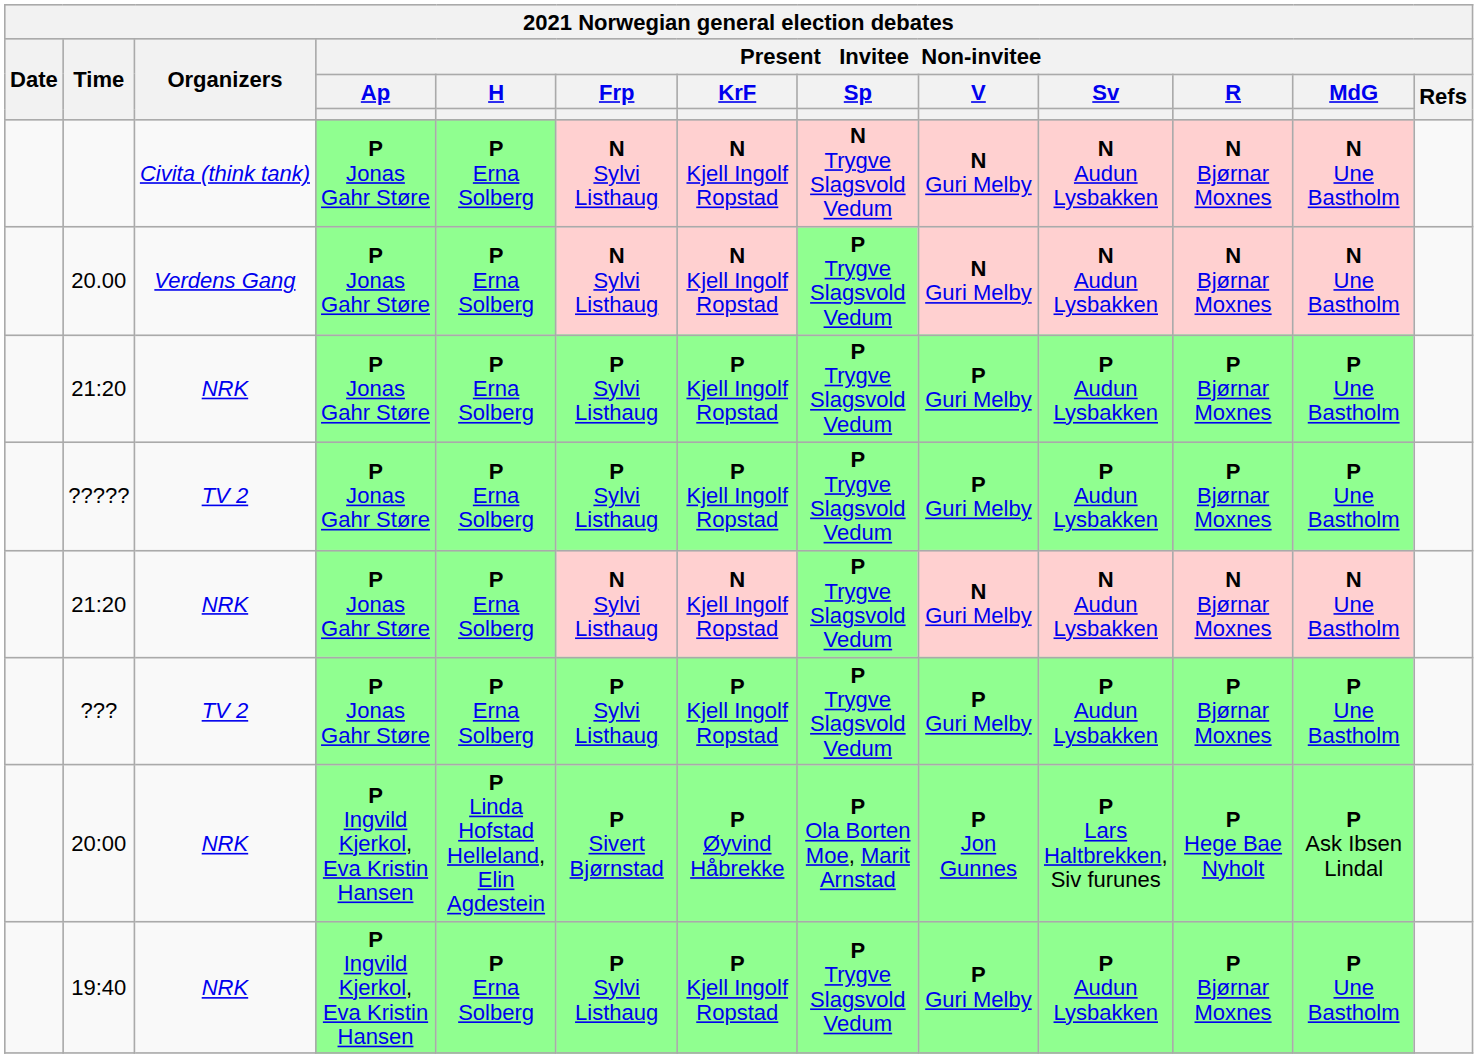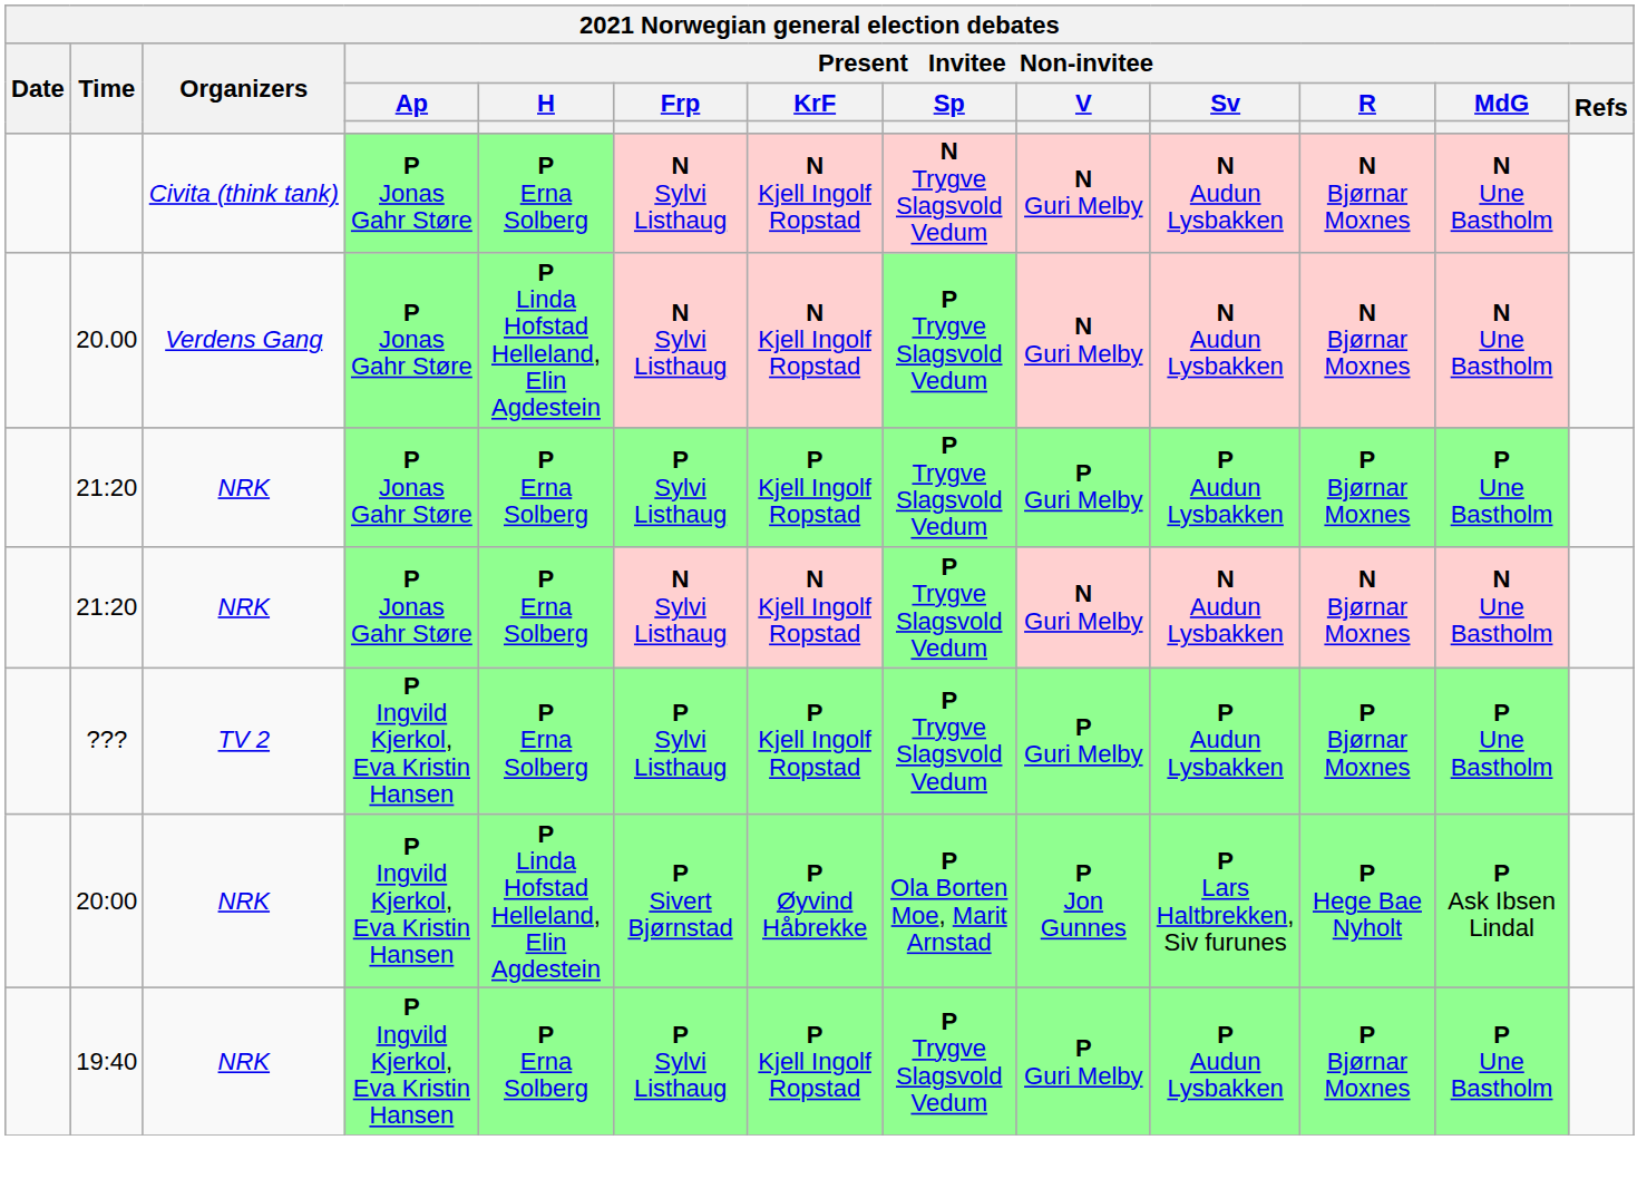 <table class="wikitable" style="font-size:85%; line-height:15px; text-align:center;">
 <tr>
 <th colspan="13">2021 Norwegian general election debates</th>
 </tr>
 <tr>
 <th rowspan="3">Date</th>
 <th rowspan="3">Time</th>
 <th rowspan="3">Organizers</th>
 <th colspan="10"> Present    Invitee  Non-invitee </th>
 </tr>
 <tr>
 <th scope="col" style="width:5em;"><a href='#'>Ap</a></th>
 <th scope="col" style="width:5em;"><a href='#'>H</a></th>
 <th scope="col" style="width:5em;"><a href='#'>Frp</a></th>
 <th scope="col" style="width:5em;"><a href='#'>KrF</a></th>
 <th scope="col" style="width:5em;"><a href='#'>Sp</a></th>
 <th scope="col" style="width:5em;"><a href='#'>V</a></th>
 <th scope="col" style="width:5em;"><a href='#'>Sv</a></th>
 <th scope="col" style="width:5em;"><a href='#'>R</a></th>
 <th scope="col" style="width:5em;"><a href='#'>MdG</a></th>
 <th rowspan="2">Refs</th>
 </tr>
 <tr>
 <th style="background:"></th>
 <th style="background:"></th>
 <th style="background:"></th>
 <th style="background:"></th>
 <th style="background:"></th>
 <th style="background:"></th>
 <th style="background:"></th>
 <th style="background:"></th>
 <th style="background:"></th>
 </tr>
 <tr>
 <td></td>
 <td></td>
 <td><em><a href='#'>Civita (think tank)</a></em></td>
 <td style="background:#90FF90"><strong>P</strong><br><a href='#'>Jonas Gahr Støre</a></td>
 <td style="background:#90FF90"><strong>P</strong><br><a href='#'>Erna Solberg</a></td>
 <td style="background:#FFD0D0"><strong>N</strong><br><a href='#'>Sylvi Listhaug</a></td>
 <td style="background:#FFD0D0"><strong>N</strong><br><a href='#'>Kjell Ingolf Ropstad</a></td>
 <td style="background:#FFD0D0"><strong>N</strong><br><a href='#'>Trygve Slagsvold Vedum</a></td>
 <td style="background:#FFD0D0"><strong>N</strong><br><a href='#'>Guri Melby</a></td>
 <td style="background:#FFD0D0"><strong>N</strong><br><a href='#'>Audun Lysbakken</a></td>
 <td style="background:#FFD0D0"><strong>N</strong><br><a href='#'>Bjørnar Moxnes</a></td>
 <td style="background:#FFD0D0"><strong>N</strong><br><a href='#'>Une Bastholm</a></td>
 <td></td>
 </tr>
 <tr>
 <td></td>
 <td>20.00</td>
 <td><em><a href='#'>Verdens Gang</a></em></td>
 <td style="background:#90FF90"><strong>P</strong><br><a href='#'>Jonas Gahr Støre</a></td>
-<td style="background:#90FF90"><strong>P</strong><br><a href='#'>Erna Solberg</a></td>
+<td style="background:#90FF90"><strong>P</strong><br><a href='#'>Linda Hofstad Helleland</a>, <a href='#'>Elin Agdestein</a></td>
 <td style="background:#FFD0D0"><strong>N</strong><br><a href='#'>Sylvi Listhaug</a></td>
 <td style="background:#FFD0D0"><strong>N</strong><br><a href='#'>Kjell Ingolf Ropstad</a></td>
 <td style="background:#90FF90"><strong>P</strong><br><a href='#'>Trygve Slagsvold Vedum</a></td>
 <td style="background:#FFD0D0"><strong>N</strong><br><a href='#'>Guri Melby</a></td>
 <td style="background:#FFD0D0"><strong>N</strong><br><a href='#'>Audun Lysbakken</a></td>
 <td style="background:#FFD0D0"><strong>N</strong><br><a href='#'>Bjørnar Moxnes</a></td>
 <td style="background:#FFD0D0"><strong>N</strong><br><a href='#'>Une Bastholm</a></td>
 <td></td>
 </tr>
 <tr>
 <td></td>
 <td>21:20</td>
 <td><em><a href='#'>NRK</a></em></td>
-<td style="background:#90FF90"><strong>P</strong><br><a href='#'>Jonas Gahr Støre</a></td>
-<td style="background:#90FF90"><strong>P</strong><br><a href='#'>Erna Solberg</a></td>
-<td style="background:#90FF90"><strong>P</strong><br><a href='#'>Sylvi Listhaug</a></td>
-<td style="background:#90FF90"><strong>P</strong><br><a href='#'>Kjell Ingolf Ropstad</a></td>
-<td style="background:#90FF90"><strong>P</strong><br><a href='#'>Trygve Slagsvold Vedum</a></td>
-<td style="background:#90FF90"><strong>P</strong><br><a href='#'>Guri Melby</a></td>
-<td style="background:#90FF90"><strong>P</strong><br><a href='#'>Audun Lysbakken</a></td>
-<td style="background:#90FF90"><strong>P</strong><br><a href='#'>Bjørnar Moxnes</a></td>
-<td style="background:#90FF90"><strong>P</strong><br><a href='#'>Une Bastholm</a></td>
-<td></td>
-</tr>
-<tr>
-<td></td>
-<td>?????</td>
-<td><em><a href='#'>TV 2</a></em></td>
 <td style="background:#90FF90"><strong>P</strong><br><a href='#'>Jonas Gahr Støre</a></td>
 <td style="background:#90FF90"><strong>P</strong><br><a href='#'>Erna Solberg</a></td>
 <td style="background:#90FF90"><strong>P</strong><br><a href='#'>Sylvi Listhaug</a></td>
 <td style="background:#90FF90"><strong>P</strong><br><a href='#'>Kjell Ingolf Ropstad</a></td>
 <td style="background:#90FF90"><strong>P</strong><br><a href='#'>Trygve Slagsvold Vedum</a></td>
 <td style="background:#90FF90"><strong>P</strong><br><a href='#'>Guri Melby</a></td>
 <td style="background:#90FF90"><strong>P</strong><br><a href='#'>Audun Lysbakken</a></td>
 <td style="background:#90FF90"><strong>P</strong><br><a href='#'>Bjørnar Moxnes</a></td>
 <td style="background:#90FF90"><strong>P</strong><br><a href='#'>Une Bastholm</a></td>
 <td></td>
 </tr>
 <tr>
 <td></td>
 <td>21:20</td>
 <td><em><a href='#'>NRK</a></em></td>
 <td style="background:#90FF90"><strong>P</strong><br><a href='#'>Jonas Gahr Støre</a></td>
 <td style="background:#90FF90"><strong>P</strong><br><a href='#'>Erna Solberg</a></td>
 <td style="background:#FFD0D0"><strong>N</strong><br><a href='#'>Sylvi Listhaug</a></td>
 <td style="background:#FFD0D0"><strong>N</strong><br><a href='#'>Kjell Ingolf Ropstad</a></td>
 <td style="background:#90FF90"><strong>P</strong><br><a href='#'>Trygve Slagsvold Vedum</a></td>
 <td style="background:#FFD0D0"><strong>N</strong><br><a href='#'>Guri Melby</a></td>
 <td style="background:#FFD0D0"><strong>N</strong><br><a href='#'>Audun Lysbakken</a></td>
 <td style="background:#FFD0D0"><strong>N</strong><br><a href='#'>Bjørnar Moxnes</a></td>
 <td style="background:#FFD0D0"><strong>N</strong><br><a href='#'>Une Bastholm</a></td>
 <td></td>
 </tr>
 <tr>
 <td></td>
 <td>???</td>
 <td><em><a href='#'>TV 2</a></em></td>
-<td style="background:#90FF90"><strong>P</strong><br><a href='#'>Jonas Gahr Støre</a></td>
+<td style="background:#90FF90"><strong>P</strong><br><a href='#'>Ingvild Kjerkol</a>, <a href='#'>Eva Kristin Hansen</a></td>
 <td style="background:#90FF90"><strong>P</strong><br><a href='#'>Erna Solberg</a></td>
 <td style="background:#90FF90"><strong>P</strong><br><a href='#'>Sylvi Listhaug</a></td>
 <td style="background:#90FF90"><strong>P</strong><br><a href='#'>Kjell Ingolf Ropstad</a></td>
 <td style="background:#90FF90"><strong>P</strong><br><a href='#'>Trygve Slagsvold Vedum</a></td>
 <td style="background:#90FF90"><strong>P</strong><br><a href='#'>Guri Melby</a></td>
 <td style="background:#90FF90"><strong>P</strong><br><a href='#'>Audun Lysbakken</a></td>
 <td style="background:#90FF90"><strong>P</strong><br><a href='#'>Bjørnar Moxnes</a></td>
 <td style="background:#90FF90"><strong>P</strong><br><a href='#'>Une Bastholm</a></td>
 <td></td>
 </tr>
 <tr>
 <td></td>
 <td>20:00</td>
 <td><em><a href='#'>NRK</a></em></td>
 <td style="background:#90FF90"><strong>P</strong><br><a href='#'>Ingvild Kjerkol</a>, <a href='#'>Eva Kristin Hansen</a></td>
 <td style="background:#90FF90"><strong>P</strong><br><a href='#'>Linda Hofstad Helleland</a>, <a href='#'>Elin Agdestein</a></td>
 <td style="background:#90FF90"><strong>P</strong><br><a href='#'>Sivert Bjørnstad</a></td>
 <td style="background:#90FF90"><strong>P</strong><br><a href='#'>Øyvind Håbrekke</a></td>
 <td style="background:#90FF90"><strong>P</strong><br><a href='#'>Ola Borten Moe</a>, <a href='#'>Marit Arnstad</a></td>
 <td style="background:#90FF90"><strong>P</strong><br><a href='#'>Jon Gunnes</a></td>
 <td style="background:#90FF90"><strong>P</strong><br><a href='#'>Lars Haltbrekken</a>, Siv furunes</td>
 <td style="background:#90FF90"><strong>P</strong><br><a href='#'>Hege Bae Nyholt</a></td>
 <td style="background:#90FF90"><strong>P</strong><br>Ask Ibsen Lindal</td>
 <td></td>
 </tr>
 <tr>
 <td></td>
 <td>19:40</td>
 <td><em><a href='#'>NRK</a></em></td>
 <td style="background:#90FF90"><strong>P</strong><br><a href='#'>Ingvild Kjerkol</a>, <a href='#'>Eva Kristin Hansen</a></td>
 <td style="background:#90FF90"><strong>P</strong><br><a href='#'>Erna Solberg</a></td>
 <td style="background:#90FF90"><strong>P</strong><br><a href='#'>Sylvi Listhaug</a></td>
 <td style="background:#90FF90"><strong>P</strong><br><a href='#'>Kjell Ingolf Ropstad</a></td>
 <td style="background:#90FF90"><strong>P</strong><br><a href='#'>Trygve Slagsvold Vedum</a></td>
 <td style="background:#90FF90"><strong>P</strong><br><a href='#'>Guri Melby</a></td>
 <td style="background:#90FF90"><strong>P</strong><br><a href='#'>Audun Lysbakken</a></td>
 <td style="background:#90FF90"><strong>P</strong><br><a href='#'>Bjørnar Moxnes</a></td>
 <td style="background:#90FF90"><strong>P</strong><br><a href='#'>Une Bastholm</a></td>
 <td></td>
 </tr>
 </table>
